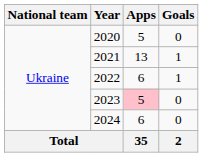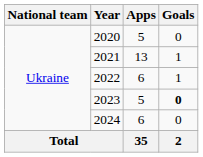 <table class="wikitable" style="text-align:center">
 <tr>
 <th>National team</th>
 <th>Year</th>
 <th>Apps</th>
 <th>Goals</th>
 </tr>
 <tr>
 <td rowspan="5"><a href='#'>Ukraine</a></td>
 <td>2020</td>
 <td>5</td>
 <td>0</td>
 </tr>
 <tr>
 <td>2021</td>
 <td>13</td>
 <td>1</td>
 </tr>
 <tr>
 <td>2022</td>
 <td>6</td>
 <td>1</td>
 </tr>
 <tr>
 <td>2023</td>
-<td style="background: pink;">5</td>
-<td>0</td>
+<td>5</td>
+<td><strong>0</strong></td>
 </tr>
 <tr>
 <td>2024</td>
 <td>6</td>
 <td>0</td>
 </tr>
 <tr>
 <th colspan="2">Total</th>
 <th>35</th>
 <th>2</th>
 </tr>
 </table>
